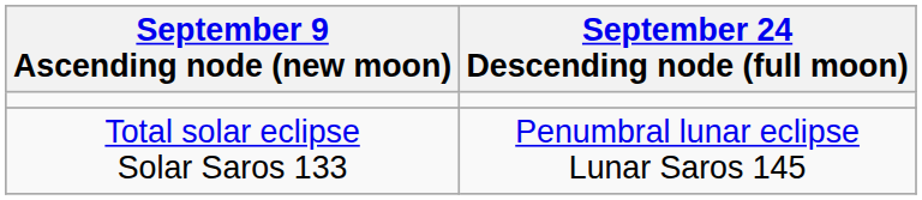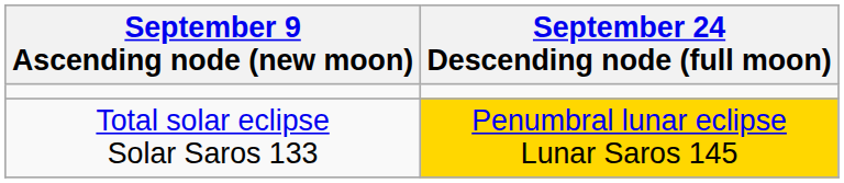 <table class="wikitable">
 <tr>
 <th><a href='#'>September 9</a><br>Ascending node (new moon)</th>
 <th><a href='#'>September 24</a><br>Descending node (full moon)</th>
 </tr>
 <tr>
 <td></td>
 <td></td>
 </tr>
 <tr align=center>
 <td><a href='#'>Total solar eclipse</a><br>Solar Saros 133</td>
-<td><a href='#'>Penumbral lunar eclipse</a><br>Lunar Saros 145</td>
+<td style="background: gold;"><a href='#'>Penumbral lunar eclipse</a><br>Lunar Saros 145</td>
 </tr>
 </table>
